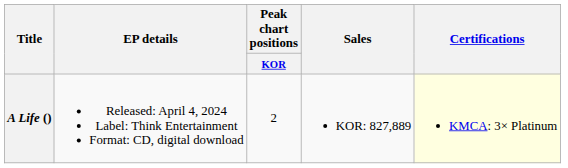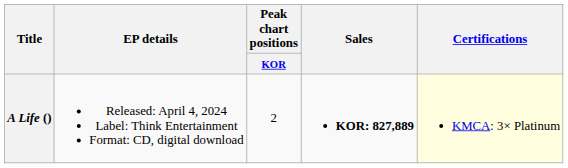 <table class="wikitable plainrowheaders" style="text-align:center">
 <tr>
 <th scope="col" rowspan="2">Title</th>
 <th scope="col" rowspan="2">EP details</th>
 <th scope="col">Peak chart positions</th>
 <th scope="col" rowspan="2">Sales</th>
 <th scope="col" rowspan="2"><a href='#'>Certifications</a></th>
 </tr>
 <tr>
 <th scope="col" style="width:3em;"><small><a href='#'>KOR</a></small><br></th>
 </tr>
 <tr>
 <th scope="row"><em>A Life</em> ()</th>
 <td><br><ul><li>Released: April 4, 2024</li><li>Label: Think Entertainment</li><li>Format: CD, digital download</li></ul></td>
 <td>2</td>
-<td><br><ul><li>KOR: 827,889</li></ul></td>
+<td><strong><br><ul><li>KOR: 827,889</li></ul></strong></td>
 <td style="background: lightyellow;"><br><ul><li><a href='#'>KMCA</a>: 3× Platinum</li></ul></td>
 </tr>
 </table>
